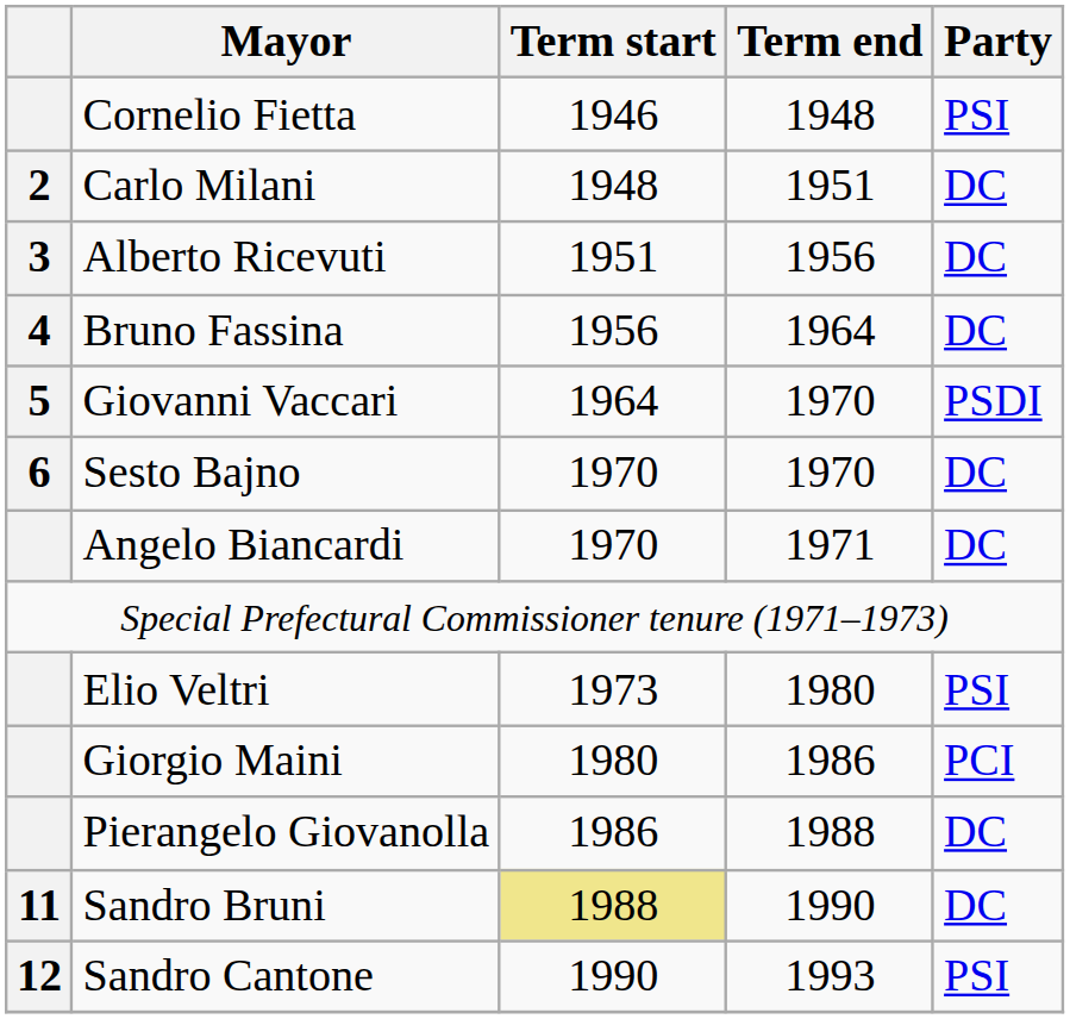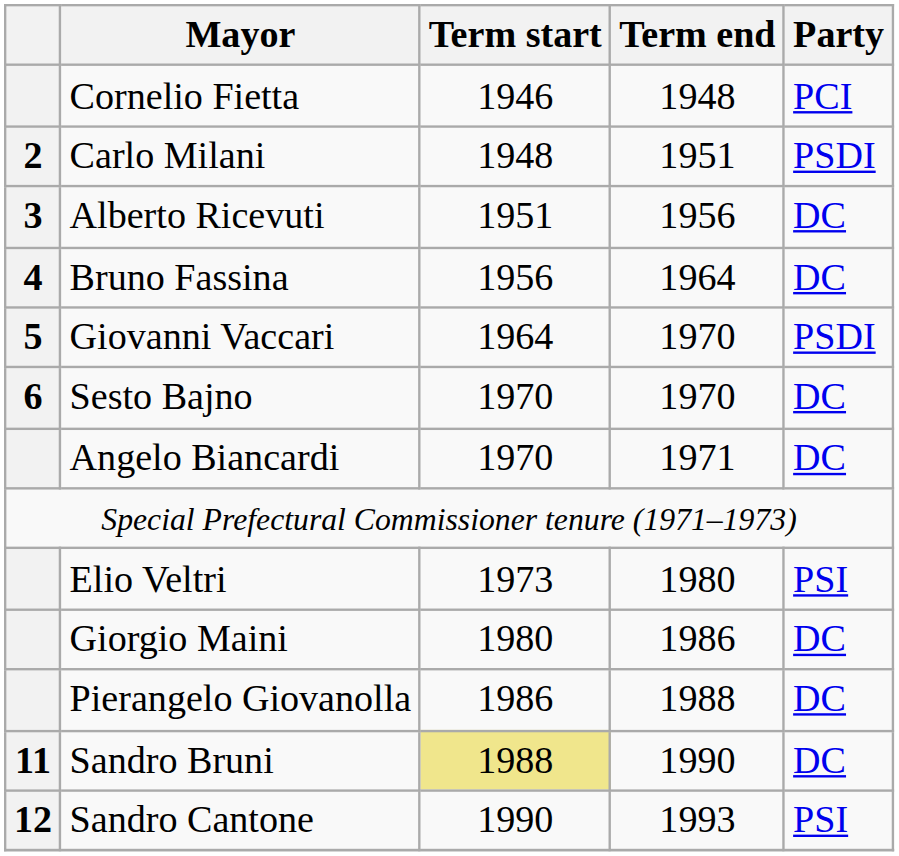 <table class="wikitable">
 <tr>
 <th class=unsortable> </th>
 <th>Mayor</th>
 <th>Term start</th>
 <th>Term end</th>
 <th>Party</th>
 </tr>
 <tr>
 <th style="background:"></th>
 <td>Cornelio Fietta</td>
 <td align=center>1946</td>
 <td align=center>1948</td>
-<td><a href='#'>PSI</a></td>
+<td><a href='#'>PCI</a></td>
 </tr>
 <tr>
 <th style="background:">2</th>
 <td>Carlo Milani</td>
 <td align=center>1948</td>
 <td align=center>1951</td>
-<td><a href='#'>DC</a></td>
+<td><a href='#'>PSDI</a></td>
 </tr>
 <tr>
 <th style="background:">3</th>
 <td>Alberto Ricevuti</td>
 <td align=center>1951</td>
 <td align=center>1956</td>
 <td><a href='#'>DC</a></td>
 </tr>
 <tr>
 <th style="background:">4</th>
 <td>Bruno Fassina</td>
 <td align=center>1956</td>
 <td align=center>1964</td>
 <td><a href='#'>DC</a></td>
 </tr>
 <tr>
 <th style="background:">5</th>
 <td>Giovanni Vaccari</td>
 <td align=center>1964</td>
 <td align=center>1970</td>
 <td><a href='#'>PSDI</a></td>
 </tr>
 <tr>
 <th style="background:">6</th>
 <td>Sesto Bajno</td>
 <td align=center>1970</td>
 <td align=center>1970</td>
 <td><a href='#'>DC</a></td>
 </tr>
 <tr>
 <th style="background:"></th>
 <td>Angelo Biancardi</td>
 <td align=center>1970</td>
 <td align=center>1971</td>
 <td><a href='#'>DC</a></td>
 </tr>
 <tr>
 <td align=center colspan=5><small><em>Special Prefectural Commissioner tenure (1971–1973)</em></small></td>
 </tr>
 <tr>
 <th style="background:"></th>
 <td>Elio Veltri</td>
 <td align=center>1973</td>
 <td align=center>1980</td>
 <td><a href='#'>PSI</a></td>
 </tr>
 <tr>
 <th style="background:"></th>
 <td>Giorgio Maini</td>
 <td align=center>1980</td>
 <td align=center>1986</td>
-<td><a href='#'>PCI</a></td>
+<td><a href='#'>DC</a></td>
 </tr>
 <tr>
 <th style="background:"></th>
 <td>Pierangelo Giovanolla</td>
 <td align=center>1986</td>
 <td align=center>1988</td>
 <td><a href='#'>DC</a></td>
 </tr>
 <tr>
 <th style="background:">11</th>
 <td>Sandro Bruni</td>
 <td align=center style="background: khaki;">1988</td>
 <td align=center>1990</td>
 <td><a href='#'>DC</a></td>
 </tr>
 <tr>
 <th style="background:">12</th>
 <td>Sandro Cantone</td>
 <td align=center>1990</td>
 <td align=center>1993</td>
 <td><a href='#'>PSI</a></td>
 </tr>
 <tr>
 </tr>
 </table>
